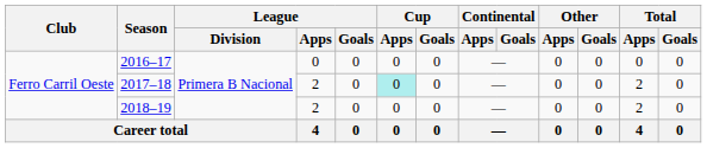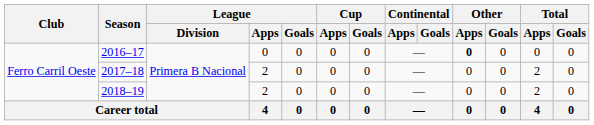 <table class="wikitable" style="text-align:center">
 <tr>
 <th rowspan="2">Club</th>
 <th rowspan="2">Season</th>
 <th colspan="3">League</th>
 <th colspan="2">Cup</th>
 <th colspan="2">Continental</th>
 <th colspan="2">Other</th>
 <th colspan="2">Total</th>
 </tr>
 <tr>
 <th>Division</th>
 <th>Apps</th>
 <th>Goals</th>
 <th>Apps</th>
 <th>Goals</th>
 <th>Apps</th>
 <th>Goals</th>
 <th>Apps</th>
 <th>Goals</th>
 <th>Apps</th>
 <th>Goals</th>
 </tr>
 <tr>
 <td rowspan="3"><a href='#'>Ferro Carril Oeste</a></td>
 <td><a href='#'>2016–17</a></td>
 <td rowspan="3"><a href='#'>Primera B Nacional</a></td>
 <td>0</td>
 <td>0</td>
 <td>0</td>
 <td>0</td>
 <td colspan="2">—</td>
-<td>0</td>
+<td><strong>0</strong></td>
 <td>0</td>
 <td>0</td>
 <td>0</td>
 </tr>
 <tr>
 <td><a href='#'>2017–18</a></td>
 <td>2</td>
 <td>0</td>
-<td style="background: paleturquoise;">0</td>
+<td>0</td>
 <td>0</td>
 <td colspan="2">—</td>
 <td>0</td>
 <td>0</td>
 <td>2</td>
 <td>0</td>
 </tr>
 <tr>
 <td><a href='#'>2018–19</a></td>
 <td>2</td>
 <td>0</td>
 <td>0</td>
 <td>0</td>
 <td colspan="2">—</td>
 <td>0</td>
 <td>0</td>
 <td>2</td>
 <td>0</td>
 </tr>
 <tr>
 <th colspan="3">Career total</th>
 <th>4</th>
 <th>0</th>
 <th>0</th>
 <th>0</th>
 <th colspan="2">—</th>
 <th>0</th>
 <th>0</th>
 <th>4</th>
 <th>0</th>
 </tr>
 </table>
